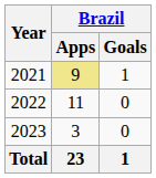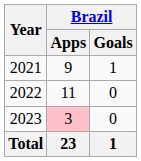 <table class="wikitable" style="text-align:center">
 <tr>
 <th rowspan=2>Year</th>
 <th colspan=2><a href='#'>Brazil</a></th>
 </tr>
 <tr>
 <th>Apps</th>
 <th>Goals</th>
 </tr>
 <tr>
 <td>2021</td>
-<td style="background: khaki;">9</td>
+<td>9</td>
 <td>1</td>
 </tr>
 <tr>
 <td>2022</td>
 <td>11</td>
 <td>0</td>
 </tr>
 <tr>
 <td>2023</td>
-<td>3</td>
+<td style="background: pink;">3</td>
 <td>0</td>
 </tr>
 <tr>
 <th>Total</th>
 <th>23</th>
 <th>1</th>
 </tr>
 </table>
